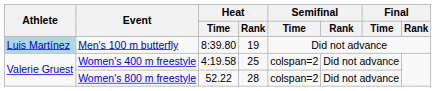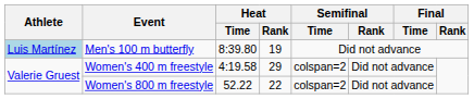 <table class=wikitable style="font-size:90%">
 <tr>
 <th rowspan="2">Athlete</th>
 <th rowspan="2">Event</th>
 <th colspan="2">Heat</th>
 <th colspan="2">Semifinal</th>
 <th colspan="2">Final</th>
 </tr>
 <tr style="font-size:95%">
 <th>Time</th>
 <th>Rank</th>
 <th>Time</th>
 <th>Rank</th>
 <th>Time</th>
 <th>Rank</th>
 </tr>
 <tr align=center>
 <td align=left style="background: lightblue;"><a href='#'>Luis Martínez</a></td>
 <td align=left><a href='#'>Men's 100 m butterfly</a></td>
 <td>8:39.80</td>
 <td>19</td>
 <td colspan=4>Did not advance</td>
 </tr>
 <tr align=center>
 <td align=left rowspan=2><a href='#'>Valerie Gruest</a></td>
 <td align=left><a href='#'>Women's 400 m freestyle</a></td>
 <td>4:19.58</td>
-<td>25</td>
+<td>29</td>
 <td>colspan=2 </td>
 <td colspan=2>Did not advance</td>
 </tr>
 <tr align=center>
 <td align=left><a href='#'>Women's 800 m freestyle</a></td>
 <td>52.22</td>
-<td>28</td>
+<td>22</td>
 <td>colspan=2 </td>
 <td colspan=2>Did not advance</td>
 </tr>
 </table>
